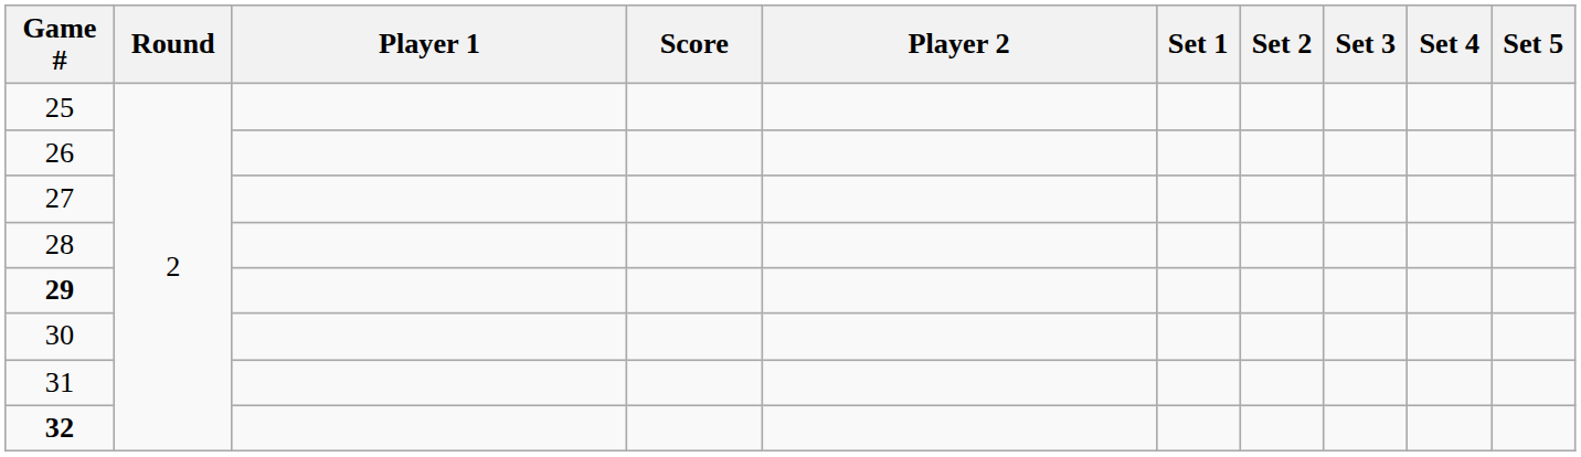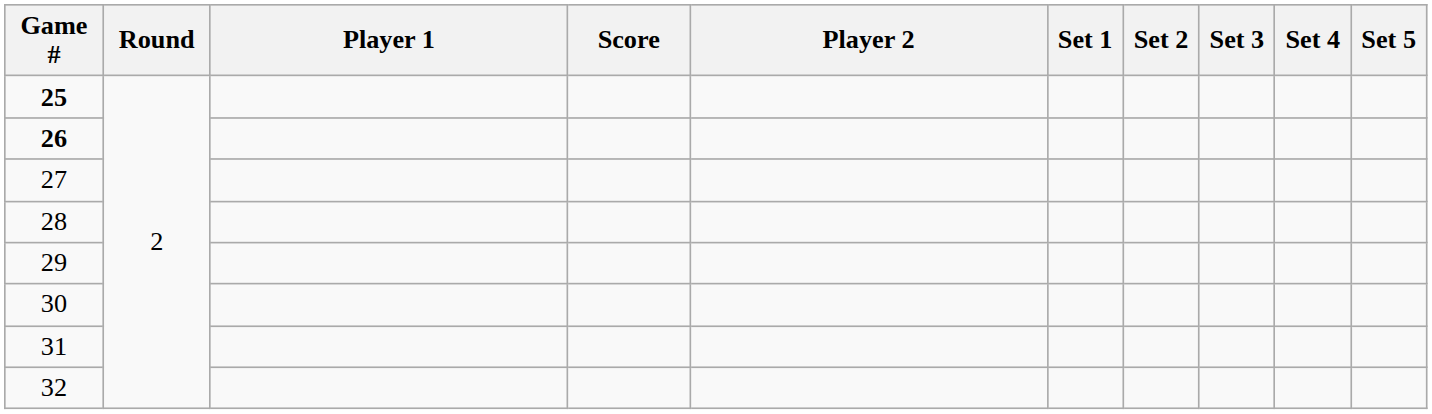 <table class="wikitable">
 <tr>
 <th width="2%">Game #</th>
 <th width="2%">Round</th>
 <th width="15%">Player 1</th>
 <th width="5%">Score</th>
 <th width="15%">Player 2</th>
 <th width="3%">Set 1</th>
 <th width="3%">Set 2</th>
 <th width="3%">Set 3</th>
 <th width="3%">Set 4</th>
 <th width="3%">Set 5</th>
 </tr>
 <tr style=text-align:center;>
-<td>25</td>
+<td><strong>25</strong></td>
 <td rowspan=8>2</td>
 <td></td>
 <td></td>
 <td></td>
 <td></td>
 <td></td>
 <td></td>
 <td></td>
 <td></td>
 </tr>
 <tr style=text-align:center;>
-<td>26</td>
+<td><strong>26</strong></td>
 <td></td>
 <td></td>
 <td></td>
 <td></td>
 <td></td>
 <td></td>
 <td></td>
 <td></td>
 </tr>
 <tr style=text-align:center;>
 <td>27</td>
 <td></td>
 <td></td>
 <td></td>
 <td></td>
 <td></td>
 <td></td>
 <td></td>
 <td></td>
 </tr>
 <tr style=text-align:center;>
 <td>28</td>
 <td></td>
 <td></td>
 <td></td>
 <td></td>
 <td></td>
 <td></td>
 <td></td>
 <td></td>
 </tr>
 <tr style=text-align:center;>
-<td><strong>29</strong></td>
+<td>29</td>
 <td></td>
 <td></td>
 <td></td>
 <td></td>
 <td></td>
 <td></td>
 <td></td>
 <td></td>
 </tr>
 <tr style=text-align:center;>
 <td>30</td>
 <td></td>
 <td></td>
 <td></td>
 <td></td>
 <td></td>
 <td></td>
 <td></td>
 <td></td>
 </tr>
 <tr style=text-align:center;>
 <td>31</td>
 <td></td>
 <td></td>
 <td></td>
 <td></td>
 <td></td>
 <td></td>
 <td></td>
 <td></td>
 </tr>
 <tr style=text-align:center;>
-<td><strong>32</strong></td>
+<td>32</td>
 <td></td>
 <td></td>
 <td></td>
 <td></td>
 <td></td>
 <td></td>
 <td></td>
 <td></td>
 </tr>
 </table>
